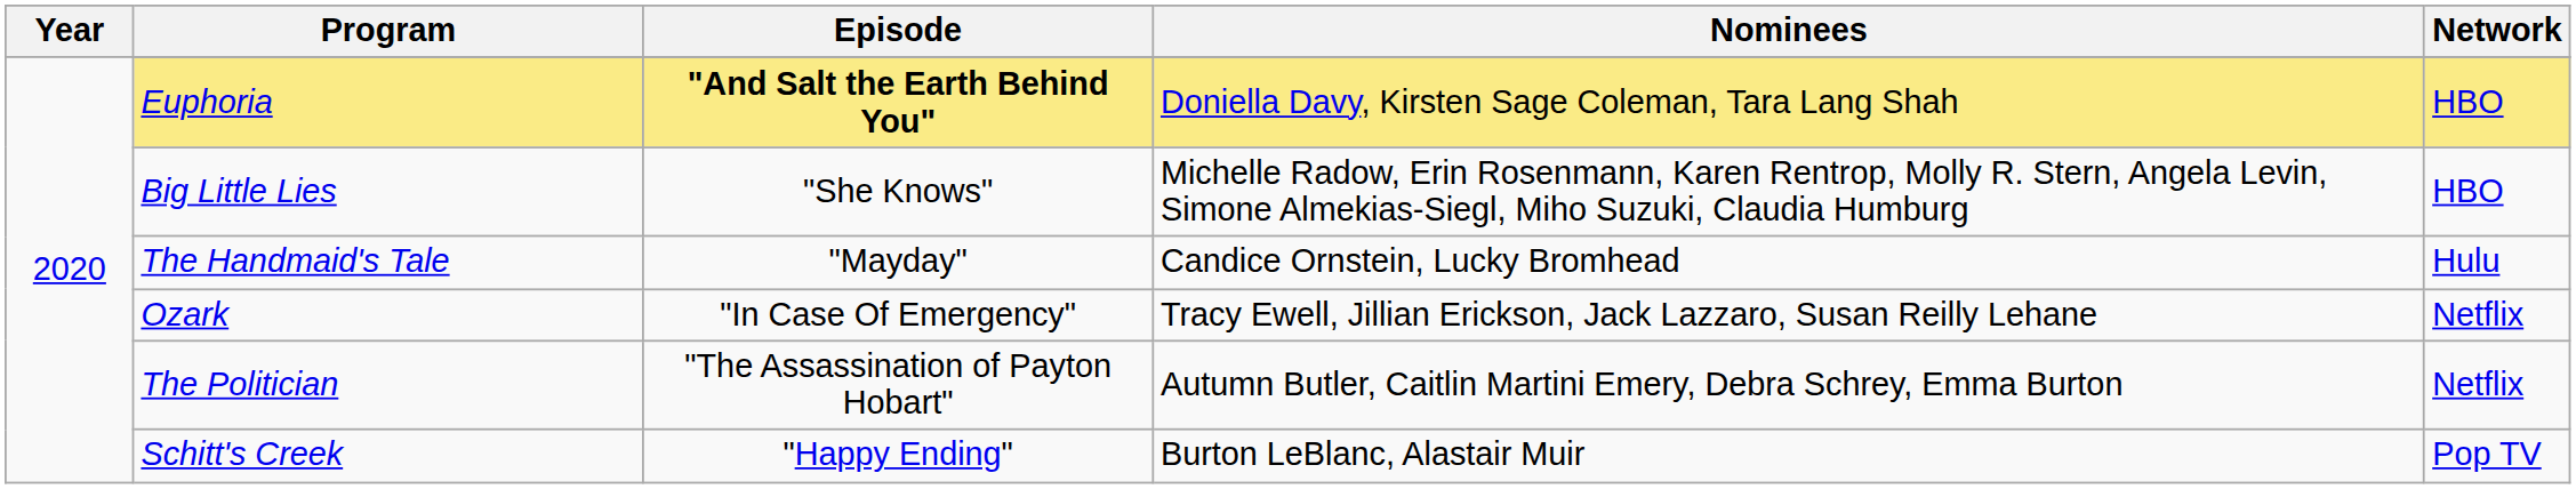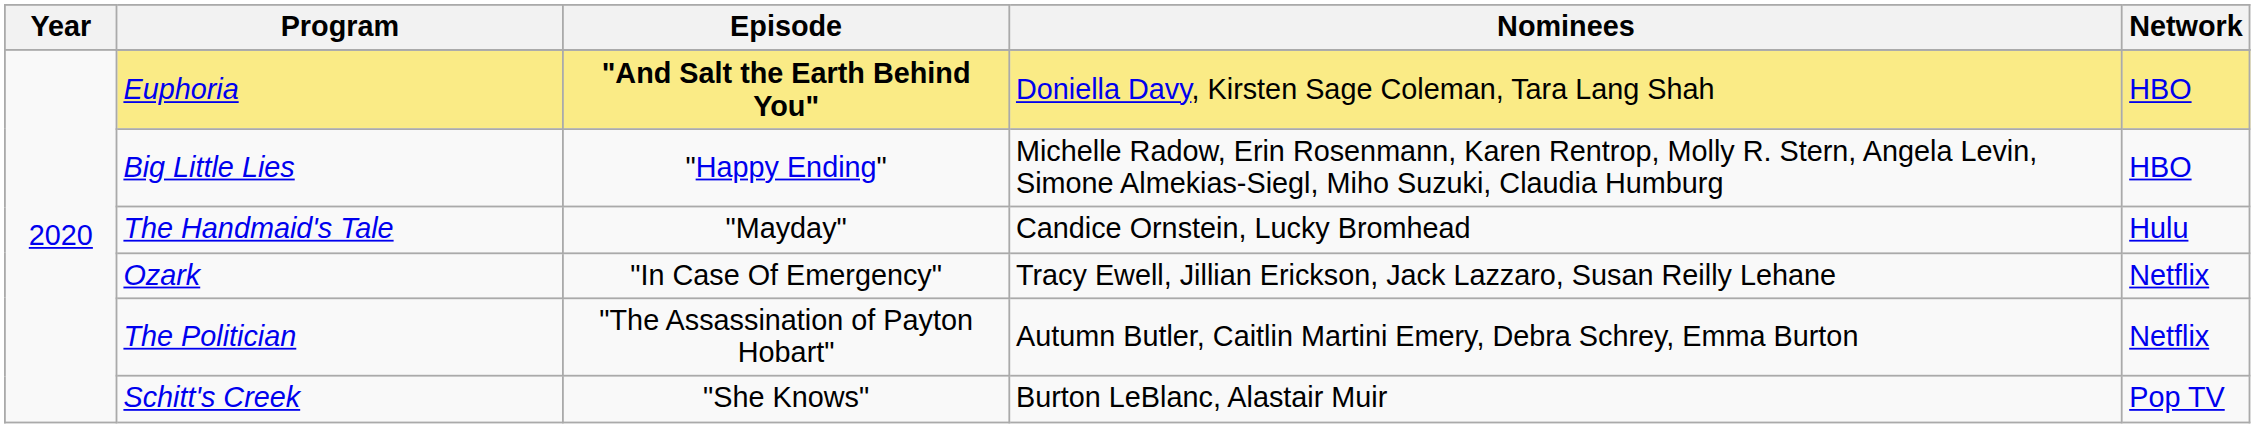 <table class="wikitable">
 <tr>
 <th width="5%">Year</th>
 <th width="20%">Program</th>
 <th width="20%">Episode</th>
 <th width="50%">Nominees</th>
 <th width="5%">Network</th>
 </tr>
 <tr>
 <td rowspan="7" style="text-align:center;"><a href='#'>2020</a><br></td>
 </tr>
 <tr style="background:#FAEB86;">
 <td><em><a href='#'>Euphoria</a></em></td>
 <td align=center><strong>"And Salt the Earth Behind You"</strong></td>
 <td><a href='#'>Doniella Davy</a>, Kirsten Sage Coleman, Tara Lang Shah</td>
 <td><a href='#'>HBO</a></td>
 </tr>
 <tr>
 <td><em><a href='#'>Big Little Lies</a></em></td>
-<td align=center>"She Knows"</td>
+<td align=center>"<a href='#'>Happy Ending</a>"</td>
 <td>Michelle Radow, Erin Rosenmann, Karen Rentrop, Molly R. Stern, Angela Levin, Simone Almekias-Siegl, Miho Suzuki, Claudia Humburg</td>
 <td><a href='#'>HBO</a></td>
 </tr>
 <tr>
 <td><em><a href='#'>The Handmaid's Tale</a></em></td>
 <td align=center>"Mayday"</td>
 <td>Candice Ornstein, Lucky Bromhead</td>
 <td><a href='#'>Hulu</a></td>
 </tr>
 <tr>
 <td><em><a href='#'>Ozark</a></em></td>
 <td align=center>"In Case Of Emergency"</td>
 <td>Tracy Ewell, Jillian Erickson, Jack Lazzaro, Susan Reilly Lehane</td>
 <td><a href='#'>Netflix</a></td>
 </tr>
 <tr>
 <td><em><a href='#'>The Politician</a></em></td>
 <td align=center>"The Assassination of Payton Hobart"</td>
 <td>Autumn Butler, Caitlin Martini Emery, Debra Schrey, Emma Burton</td>
 <td><a href='#'>Netflix</a></td>
 </tr>
 <tr>
 <td><em><a href='#'>Schitt's Creek</a></em></td>
-<td align=center>"<a href='#'>Happy Ending</a>"</td>
+<td align=center>"She Knows"</td>
 <td>Burton LeBlanc, Alastair Muir</td>
 <td><a href='#'>Pop TV</a></td>
 </tr>
 </table>
